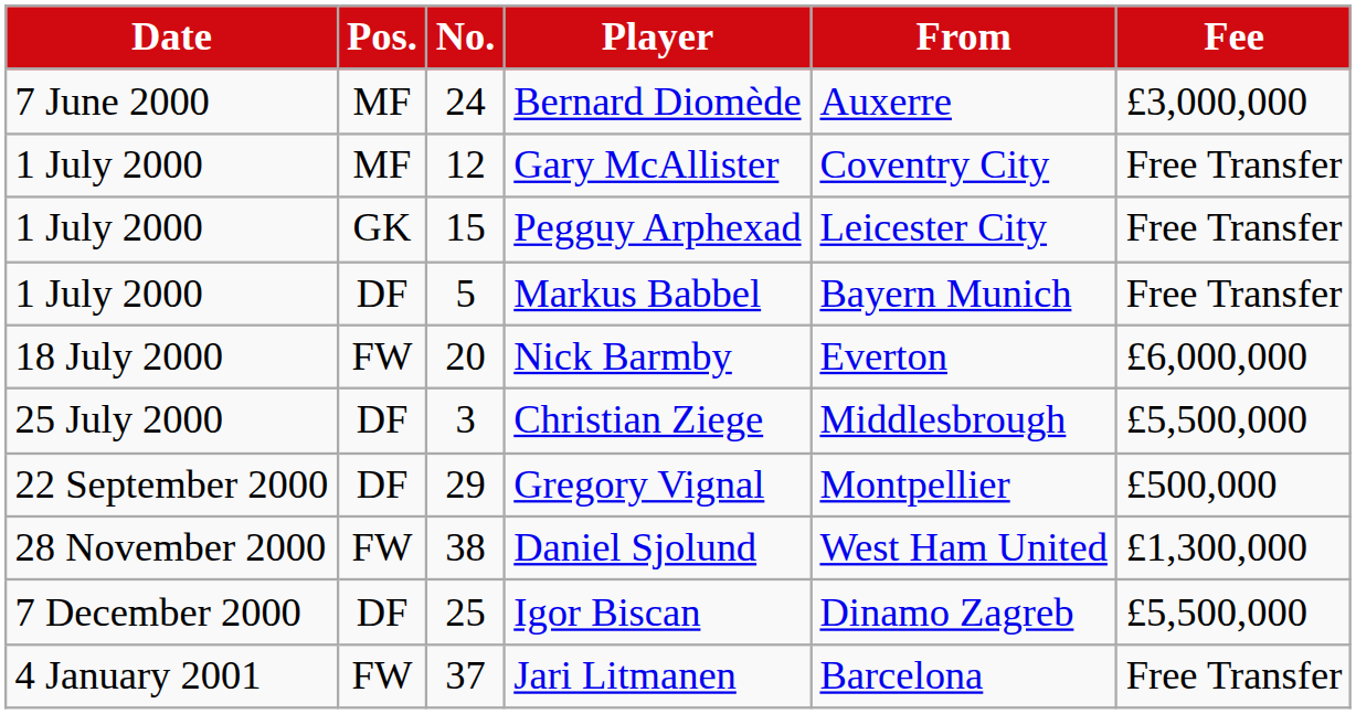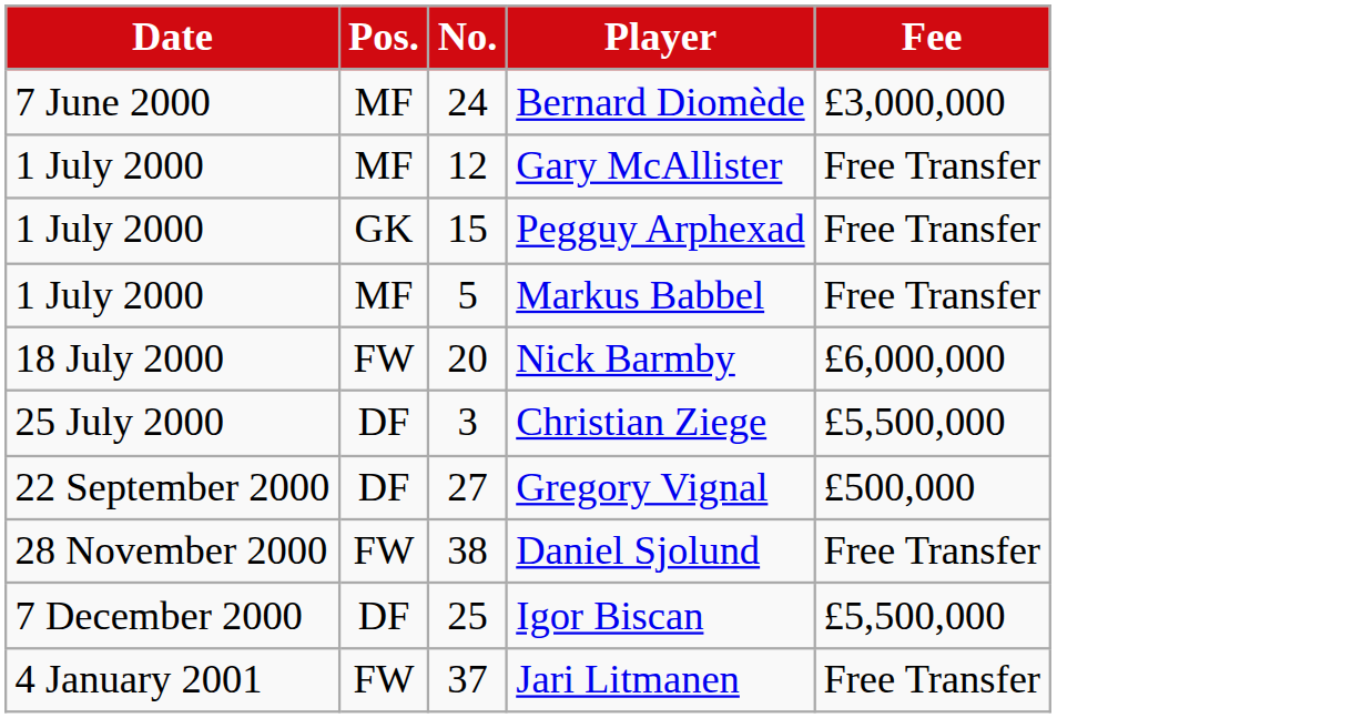 <table class="wikitable plainrowheaders sortable">
 <tr>
 <th style="background:#D10A11; color:#ffffff; ">Date</th>
 <th style="background:#D10A11; color:#ffffff; ">Pos.</th>
 <th style="background:#D10A11; color:#ffffff; ">No.</th>
 <th style="background:#D10A11; color:#ffffff; ">Player</th>
-<th style="background:#D10A11; color:#ffffff; ">From</th>
 <th style="background:#D10A11; color:#ffffff; ">Fee</th>
 </tr>
 <tr>
 <td>7 June 2000</td>
 <td style="text-align:center;">MF</td>
 <td style="text-align:center;">24</td>
 <td style="text-align:left;"> <a href='#'>Bernard Diomède</a></td>
-<td style="text-aglin:left;"> <a href='#'>Auxerre</a></td>
 <td>£3,000,000</td>
 </tr>
 <tr>
 <td>1 July 2000</td>
 <td style="text-align:center;">MF</td>
 <td style="text-align:center;">12</td>
 <td style="text-align:left;"> <a href='#'>Gary McAllister</a></td>
-<td style="text-aglin:left;"> <a href='#'>Coventry City</a></td>
 <td>Free Transfer</td>
 </tr>
 <tr>
 <td>1 July 2000</td>
 <td style="text-align:center;">GK</td>
 <td style="text-align:center;">15</td>
 <td style="text-align:left;"> <a href='#'>Pegguy Arphexad</a></td>
-<td style="text-aglin:left;"> <a href='#'>Leicester City</a></td>
 <td>Free Transfer</td>
 </tr>
 <tr>
 <td>1 July 2000</td>
-<td style="text-align:center;">DF</td>
+<td style="text-align:center;">MF</td>
 <td style="text-align:center;">5</td>
 <td style="text-align:left;"> <a href='#'>Markus Babbel</a></td>
-<td style="text-aglin:left;"> <a href='#'>Bayern Munich</a></td>
 <td>Free Transfer</td>
 </tr>
 <tr>
 <td>18 July 2000</td>
 <td style="text-align:center;">FW</td>
 <td style="text-align:center;">20</td>
 <td style="text-align:left;"> <a href='#'>Nick Barmby</a></td>
-<td style="text-aglin:left;"> <a href='#'>Everton</a></td>
 <td>£6,000,000</td>
 </tr>
 <tr>
 <td>25 July 2000</td>
 <td style="text-align:center;">DF</td>
 <td style="text-align:center;">3</td>
 <td style="text-align:left;"> <a href='#'>Christian Ziege</a></td>
-<td style="text-aglin:left;"> <a href='#'>Middlesbrough</a></td>
 <td>£5,500,000</td>
 </tr>
 <tr>
 <td>22 September 2000</td>
 <td style="text-align:center;">DF</td>
-<td style="text-align:center;">29</td>
+<td style="text-align:center;">27</td>
 <td style="text-align:left;"> <a href='#'>Gregory Vignal</a></td>
-<td style="text-aglin:left;"> <a href='#'>Montpellier</a></td>
 <td>£500,000</td>
 </tr>
 <tr>
 <td>28 November 2000</td>
 <td style="text-align:center;">FW</td>
 <td style="text-align:center;">38</td>
 <td style="text-align:left;"> <a href='#'>Daniel Sjolund</a></td>
-<td style="text-aglin:left;"> <a href='#'>West Ham United</a></td>
-<td>£1,300,000</td>
+<td>Free Transfer</td>
 </tr>
 <tr>
 <td>7 December 2000</td>
 <td style="text-align:center;">DF</td>
 <td style="text-align:center;">25</td>
 <td style="text-align:left;"> <a href='#'>Igor Biscan</a></td>
-<td style="text-aglin:left;"> <a href='#'>Dinamo Zagreb</a></td>
 <td>£5,500,000</td>
 </tr>
 <tr>
 <td>4 January 2001</td>
 <td style="text-align:center;">FW</td>
 <td style="text-align:center;">37</td>
 <td style="text-align:left;"> <a href='#'>Jari Litmanen</a></td>
-<td style="text-aglin:left;"> <a href='#'>Barcelona</a></td>
 <td>Free Transfer</td>
 </tr>
 </table>
